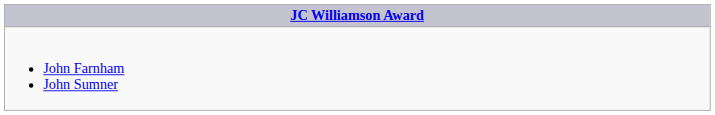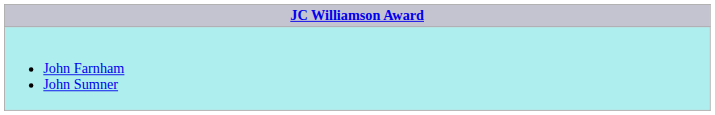 <table class=wikitable width="40%" border="1" cellpadding="5" cellspacing="0" align="centre">
 <tr>
 <th style="background:#C4C3D0;width:50%"><a href='#'>JC Williamson Award</a></th>
 </tr>
 <tr>
-<td valign="top"><br><ul><li><a href='#'>John Farnham</a></li><li><a href='#'>John Sumner</a></li></ul></td>
+<td valign="top" style="background: paleturquoise;"><br><ul><li><a href='#'>John Farnham</a></li><li><a href='#'>John Sumner</a></li></ul></td>
 </tr>
 </table>
